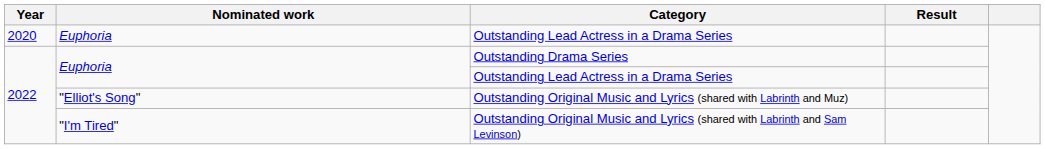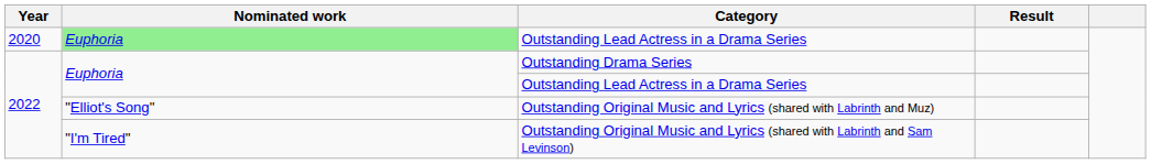 <table class="wikitable plainrowheaders" style="width:100%;">
 <tr>
 <th scope="col" style="width:5%;">Year</th>
 <th scope="col" style="width:40%;">Nominated work</th>
 <th scope="col" style="width:40%;">Category</th>
 <th scope="col" style="width:10%;">Result</th>
 <th scope="col" style="width:5%;"></th>
 </tr>
 <tr>
 <td><a href='#'>2020</a></td>
-<td><em><a href='#'>Euphoria</a></em></td>
+<td style="background: lightgreen;"><em><a href='#'>Euphoria</a></em></td>
 <td><a href='#'>Outstanding Lead Actress in a Drama Series</a></td>
 <td></td>
 <td style="text-align:center;" rowspan="5"></td>
 </tr>
 <tr>
 <td rowspan="4"><a href='#'>2022</a></td>
 <td rowspan="2"><em><a href='#'>Euphoria</a></em></td>
 <td><a href='#'>Outstanding Drama Series</a></td>
 <td></td>
 </tr>
 <tr>
 <td><a href='#'>Outstanding Lead Actress in a Drama Series</a></td>
 <td></td>
 </tr>
 <tr>
 <td>"<a href='#'>Elliot's Song</a>"</td>
 <td><a href='#'>Outstanding Original Music and Lyrics</a> <small>(shared with <a href='#'>Labrinth</a> and Muz)</small></td>
 <td></td>
 </tr>
 <tr>
 <td>"<a href='#'>I'm Tired</a>"</td>
 <td><a href='#'>Outstanding Original Music and Lyrics</a> <small>(shared with <a href='#'>Labrinth</a> and <a href='#'>Sam Levinson</a>)</small></td>
 <td></td>
 </tr>
 </table>
